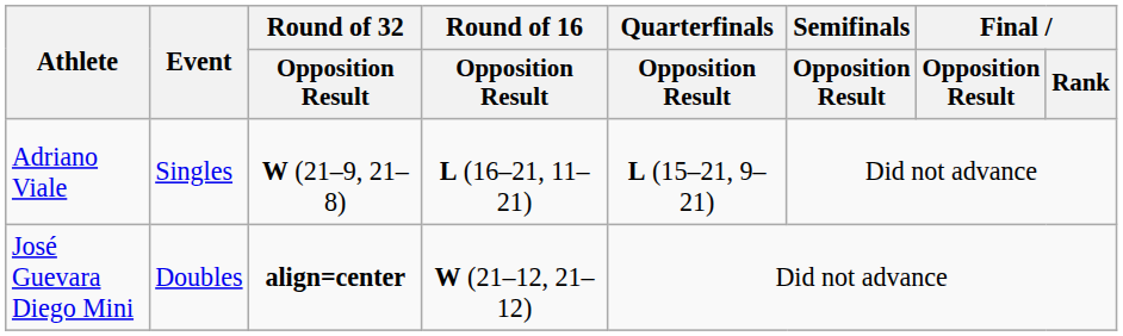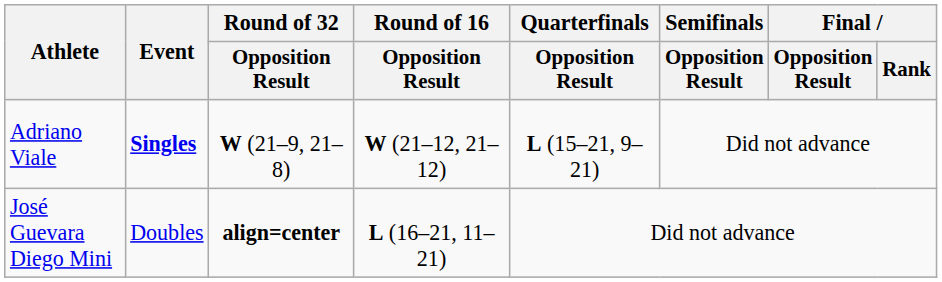 <table class=wikitable style=font-size:90%;text-align:center>
 <tr>
 <th rowspan=2>Athlete</th>
 <th rowspan=2>Event</th>
 <th>Round of 32</th>
 <th>Round of 16</th>
 <th>Quarterfinals</th>
 <th>Semifinals</th>
 <th colspan=2>Final / </th>
 </tr>
 <tr style=font-size:95%>
 <th>Opposition<br>Result</th>
 <th>Opposition<br>Result</th>
 <th>Opposition<br>Result</th>
 <th>Opposition<br>Result</th>
 <th>Opposition<br>Result</th>
 <th>Rank</th>
 </tr>
 <tr>
 <td align=left><a href='#'>Adriano Viale</a></td>
-<td align=left><a href='#'>Singles</a></td>
+<td align=left><strong><a href='#'>Singles</a></strong></td>
 <td><br><strong>W</strong> (21–9, 21–8)</td>
-<td><br><strong>L</strong> (16–21, 11–21)</td>
+<td><br><strong>W</strong> (21–12, 21–12)</td>
 <td><br><strong>L</strong> (15–21, 9–21)</td>
 <td colspan=3>Did not advance</td>
 </tr>
 <tr>
 <td align=left><a href='#'>José Guevara</a><br><a href='#'>Diego Mini</a></td>
 <td align=left rowspan=2><a href='#'>Doubles</a></td>
 <td><strong>align=center </strong></td>
-<td><br><strong>W</strong> (21–12, 21–12)</td>
+<td><br><strong>L</strong> (16–21, 11–21)</td>
 <td colspan=4>Did not advance</td>
 </tr>
 </table>
